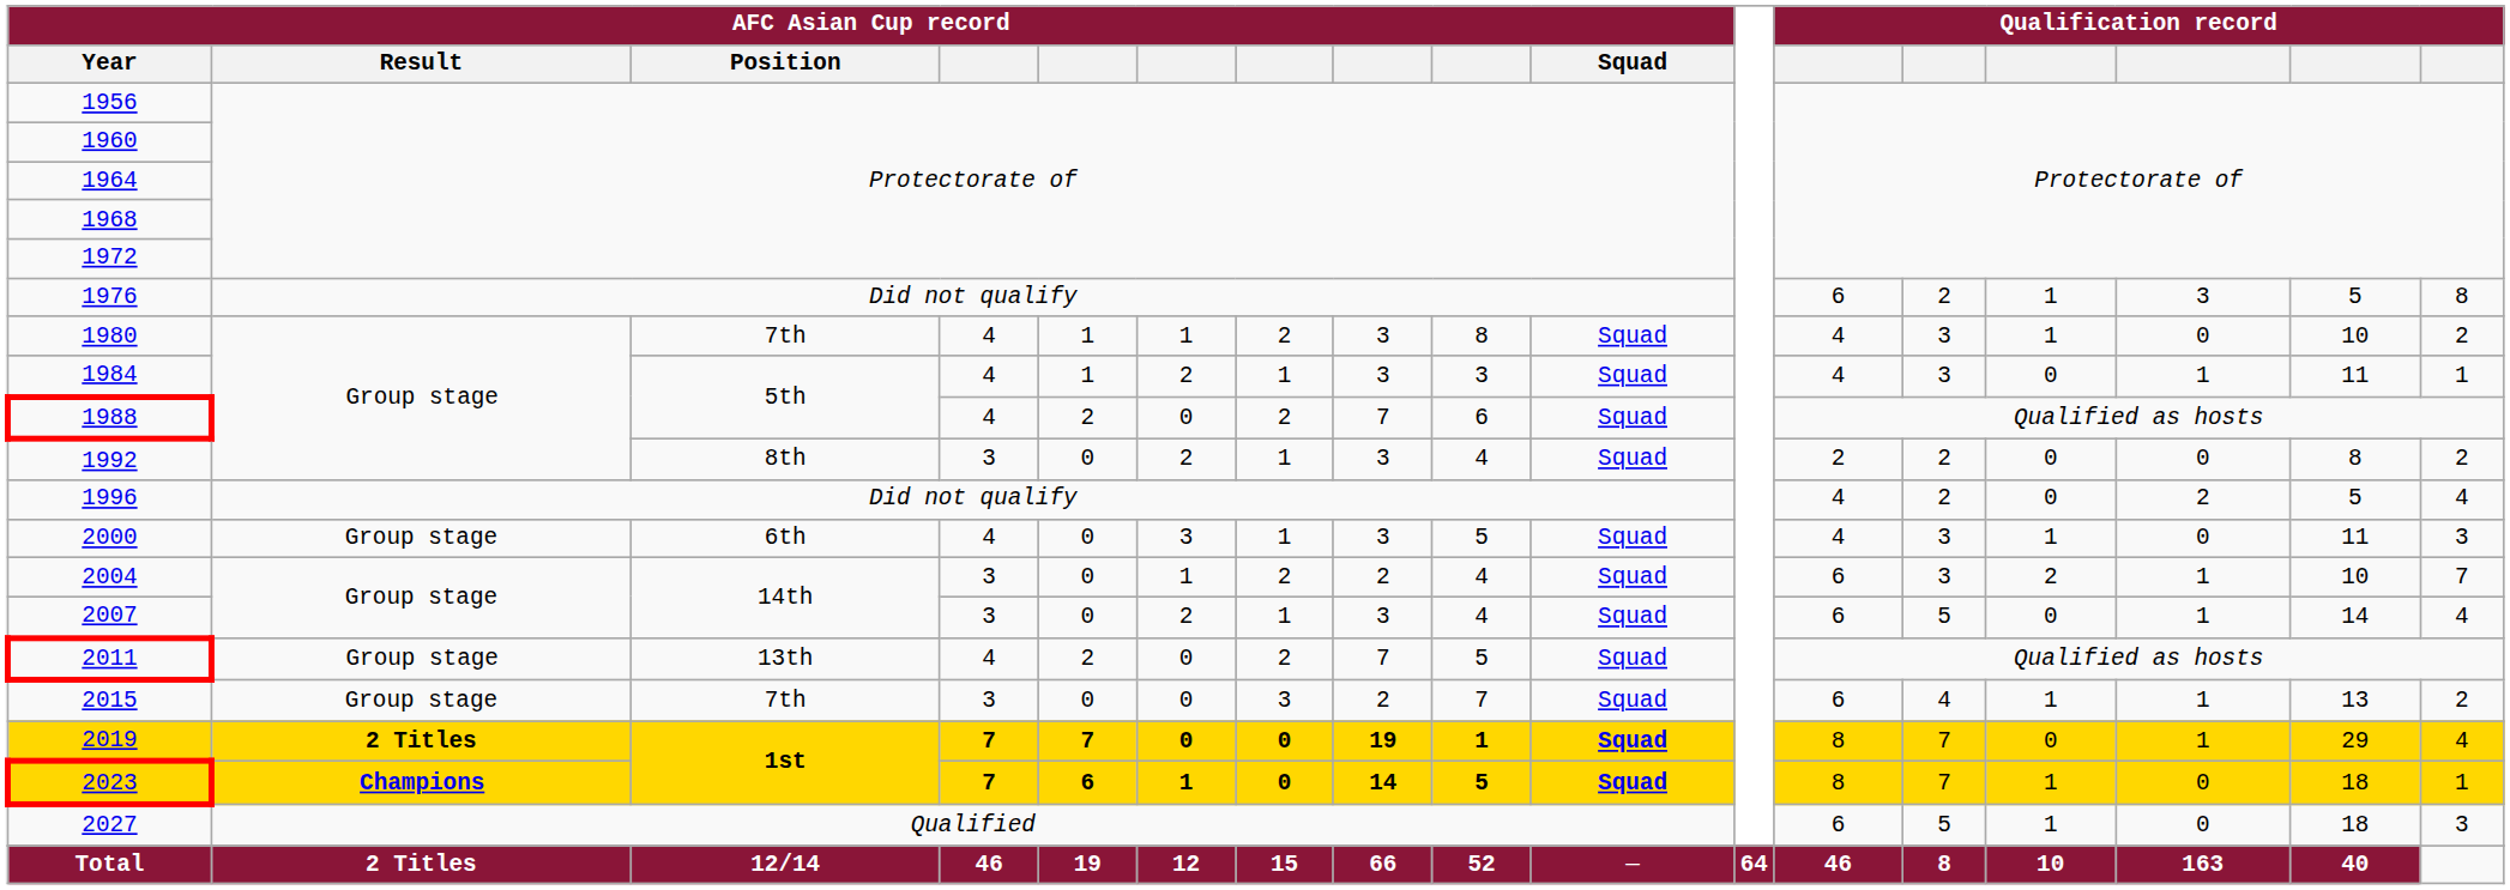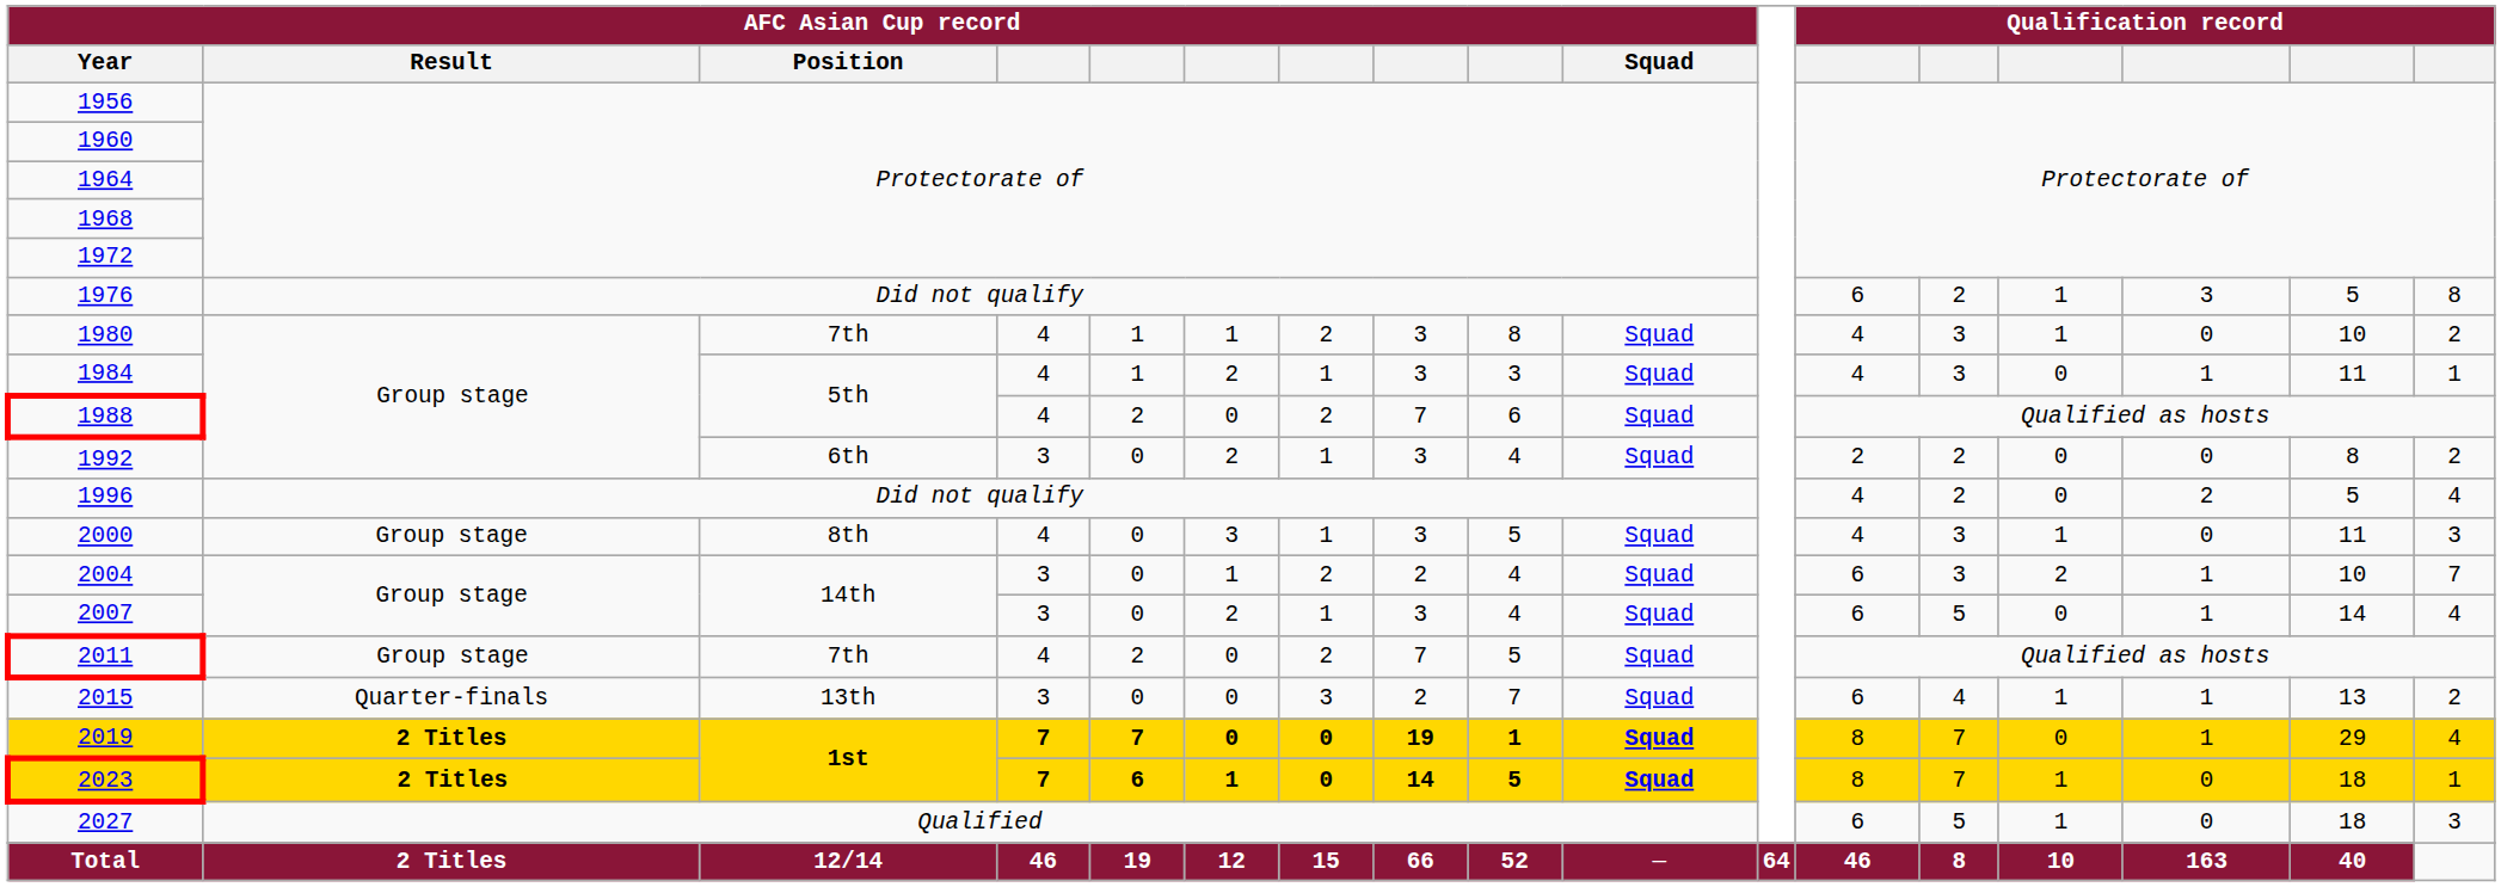 <table class="wikitable" class="wikitable" style="font-size:90%; text-align:center; width:100%">
 <tr>
 <th colspan=10 style="background: #8A1538; color: #FFFFFF;">AFC Asian Cup record</th>
 <th style="width:1%;background:white" rowspan="22"></th>
 <th colspan=7 style="background: #8A1538; color: #FFFFFF;">Qualification record</th>
 </tr>
 <tr>
 <th>Year</th>
 <th>Result</th>
 <th>Position</th>
 <th></th>
 <th></th>
 <th></th>
 <th></th>
 <th></th>
 <th></th>
 <th>Squad</th>
 <th></th>
 <th></th>
 <th></th>
 <th></th>
 <th></th>
 <th></th>
 </tr>
 <tr>
 <td> <a href='#'>1956</a></td>
 <td colspan=9 rowspan=5><em>Protectorate of </em></td>
 <td colspan=9 rowspan=5><em>Protectorate  of </em></td>
 </tr>
 <tr>
 <td> <a href='#'>1960</a></td>
 </tr>
 <tr>
 <td> <a href='#'>1964</a></td>
 </tr>
 <tr>
 <td> <a href='#'>1968</a></td>
 </tr>
 <tr>
 <td> <a href='#'>1972</a></td>
 </tr>
 <tr>
 <td> <a href='#'>1976</a></td>
 <td colspan=9><em>Did not qualify</em></td>
 <td>6</td>
 <td>2</td>
 <td>1</td>
 <td>3</td>
 <td>5</td>
 <td>8</td>
 </tr>
 <tr>
 <td> <a href='#'>1980</a></td>
 <td rowspan=4>Group stage</td>
 <td>7th</td>
 <td>4</td>
 <td>1</td>
 <td>1</td>
 <td>2</td>
 <td>3</td>
 <td>8</td>
 <td><a href='#'>Squad</a></td>
 <td>4</td>
 <td>3</td>
 <td>1</td>
 <td>0</td>
 <td>10</td>
 <td>2</td>
 </tr>
 <tr>
 <td> <a href='#'>1984</a></td>
 <td rowspan=2>5th</td>
 <td>4</td>
 <td>1</td>
 <td>2</td>
 <td>1</td>
 <td>3</td>
 <td>3</td>
 <td><a href='#'>Squad</a></td>
 <td>4</td>
 <td>3</td>
 <td>0</td>
 <td>1</td>
 <td>11</td>
 <td>1</td>
 </tr>
 <tr>
 <td style="border: 3px solid red"> <a href='#'>1988</a></td>
 <td>4</td>
 <td>2</td>
 <td>0</td>
 <td>2</td>
 <td>7</td>
 <td>6</td>
 <td><a href='#'>Squad</a></td>
 <td colspan=6><em>Qualified as hosts</em></td>
 </tr>
 <tr>
 <td> <a href='#'>1992</a></td>
-<td>8th</td>
+<td>6th</td>
 <td>3</td>
 <td>0</td>
 <td>2</td>
 <td>1</td>
 <td>3</td>
 <td>4</td>
 <td><a href='#'>Squad</a></td>
 <td>2</td>
 <td>2</td>
 <td>0</td>
 <td>0</td>
 <td>8</td>
 <td>2</td>
 </tr>
 <tr>
 <td> <a href='#'>1996</a></td>
 <td colspan=9><em>Did not qualify</em></td>
 <td>4</td>
 <td>2</td>
 <td>0</td>
 <td>2</td>
 <td>5</td>
 <td>4</td>
 </tr>
 <tr>
 <td> <a href='#'>2000</a></td>
 <td>Group stage</td>
-<td>6th</td>
+<td>8th</td>
 <td>4</td>
 <td>0</td>
 <td>3</td>
 <td>1</td>
 <td>3</td>
 <td>5</td>
 <td><a href='#'>Squad</a></td>
 <td>4</td>
 <td>3</td>
 <td>1</td>
 <td>0</td>
 <td>11</td>
 <td>3</td>
 </tr>
 <tr>
 <td> <a href='#'>2004</a></td>
 <td rowspan=2>Group stage</td>
 <td rowspan=2>14th</td>
 <td>3</td>
 <td>0</td>
 <td>1</td>
 <td>2</td>
 <td>2</td>
 <td>4</td>
 <td><a href='#'>Squad</a></td>
 <td>6</td>
 <td>3</td>
 <td>2</td>
 <td>1</td>
 <td>10</td>
 <td>7</td>
 </tr>
 <tr>
 <td>    <a href='#'>2007</a></td>
 <td>3</td>
 <td>0</td>
 <td>2</td>
 <td>1</td>
 <td>3</td>
 <td>4</td>
 <td><a href='#'>Squad</a></td>
 <td>6</td>
 <td>5</td>
 <td>0</td>
 <td>1</td>
 <td>14</td>
 <td>4</td>
 </tr>
 <tr>
 <td style="border: 3px solid red"> <a href='#'>2011</a></td>
 <td>Group stage</td>
-<td>13th</td>
+<td>7th</td>
 <td>4</td>
 <td>2</td>
 <td>0</td>
 <td>2</td>
 <td>7</td>
 <td>5</td>
 <td><a href='#'>Squad</a></td>
 <td colspan=6><em>Qualified as hosts</em></td>
 </tr>
 <tr>
 <td> <a href='#'>2015</a></td>
-<td>Group stage</td>
-<td>7th</td>
+<td>Quarter-finals</td>
+<td>13th</td>
 <td>3</td>
 <td>0</td>
 <td>0</td>
 <td>3</td>
 <td>2</td>
 <td>7</td>
 <td><a href='#'>Squad</a></td>
 <td>6</td>
 <td>4</td>
 <td>1</td>
 <td>1</td>
 <td>13</td>
 <td>2</td>
 </tr>
 <tr style="background:gold;">
 <td> <a href='#'>2019</a></td>
 <td><strong>2 Titles</strong></td>
 <td rowspan=2><strong>1st</strong></td>
 <td><strong>7</strong></td>
 <td><strong>7</strong></td>
 <td><strong>0</strong></td>
 <td><strong>0</strong></td>
 <td><strong>19</strong></td>
 <td><strong>1</strong></td>
 <td><strong><a href='#'>Squad</a></strong></td>
 <td>8</td>
 <td>7</td>
 <td>0</td>
 <td>1</td>
 <td>29</td>
 <td>4</td>
 </tr>
 <tr style="background:gold">
 <td style="border: 3px solid red"> <a href='#'>2023</a></td>
-<td><strong><a href='#'>Champions</a></strong></td>
+<td><strong>2 Titles</strong></td>
 <td><strong>7</strong></td>
 <td><strong>6</strong></td>
 <td><strong>1</strong></td>
 <td><strong>0</strong></td>
 <td><strong>14</strong></td>
 <td><strong>5</strong></td>
 <td><strong><a href='#'>Squad</a></strong></td>
 <td>8</td>
 <td>7</td>
 <td>1</td>
 <td>0</td>
 <td>18</td>
 <td>1</td>
 </tr>
 <tr>
 <td> <a href='#'>2027</a></td>
 <td colspan=9><em>Qualified</em></td>
 <td>6</td>
 <td>5</td>
 <td>1</td>
 <td>0</td>
 <td>18</td>
 <td>3</td>
 </tr>
 <tr>
 </tr>
 <tr style="background: #8A1538; color: #FFFFFF;">
 <td><strong>Total</strong></td>
 <td><strong>2 Titles</strong></td>
 <td><strong>12/14</strong></td>
 <td><strong>46</strong></td>
 <td><strong>19</strong></td>
 <td><strong>12</strong></td>
 <td><strong>15</strong></td>
 <td><strong>66</strong></td>
 <td><strong>52</strong></td>
 <td>—</td>
 <td><strong>64</strong></td>
 <td><strong>46</strong></td>
 <td><strong>8</strong></td>
 <td><strong>10</strong></td>
 <td><strong>163</strong></td>
 <td><strong>40</strong></td>
 </tr>
 </table>
